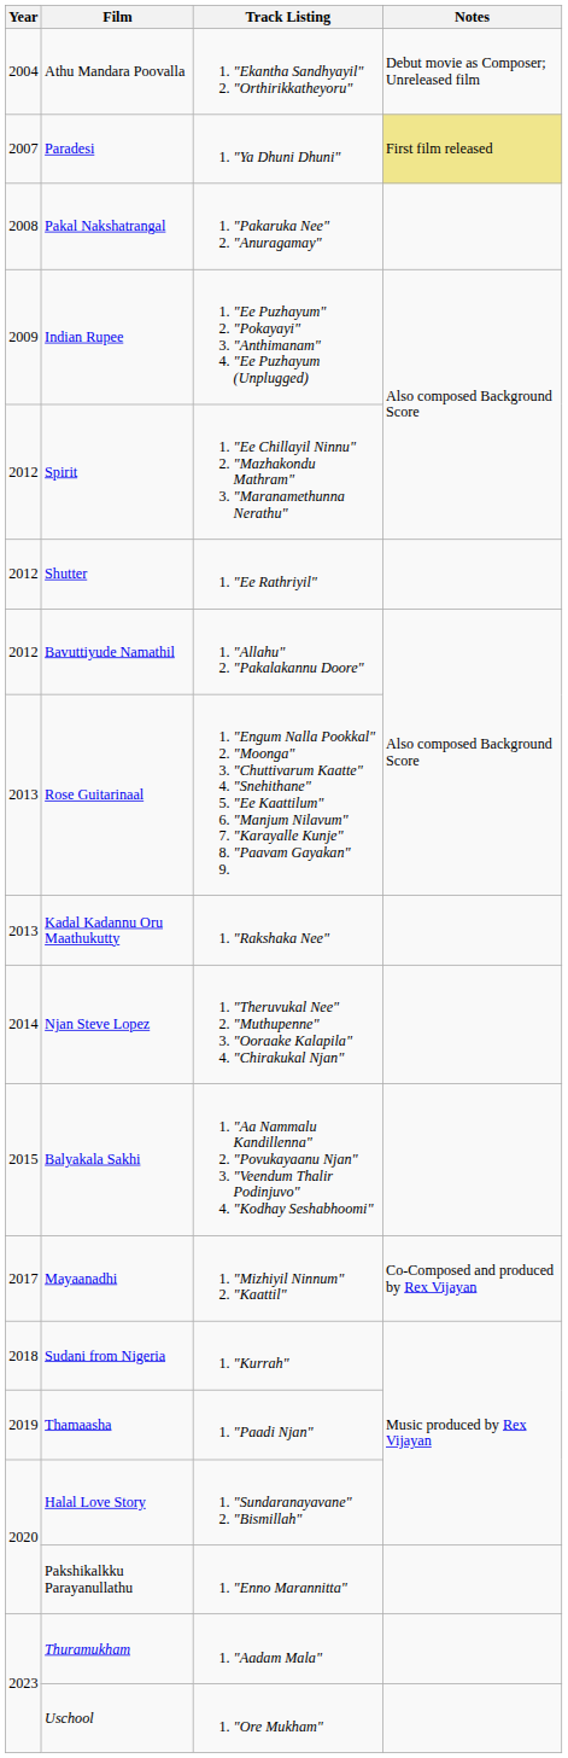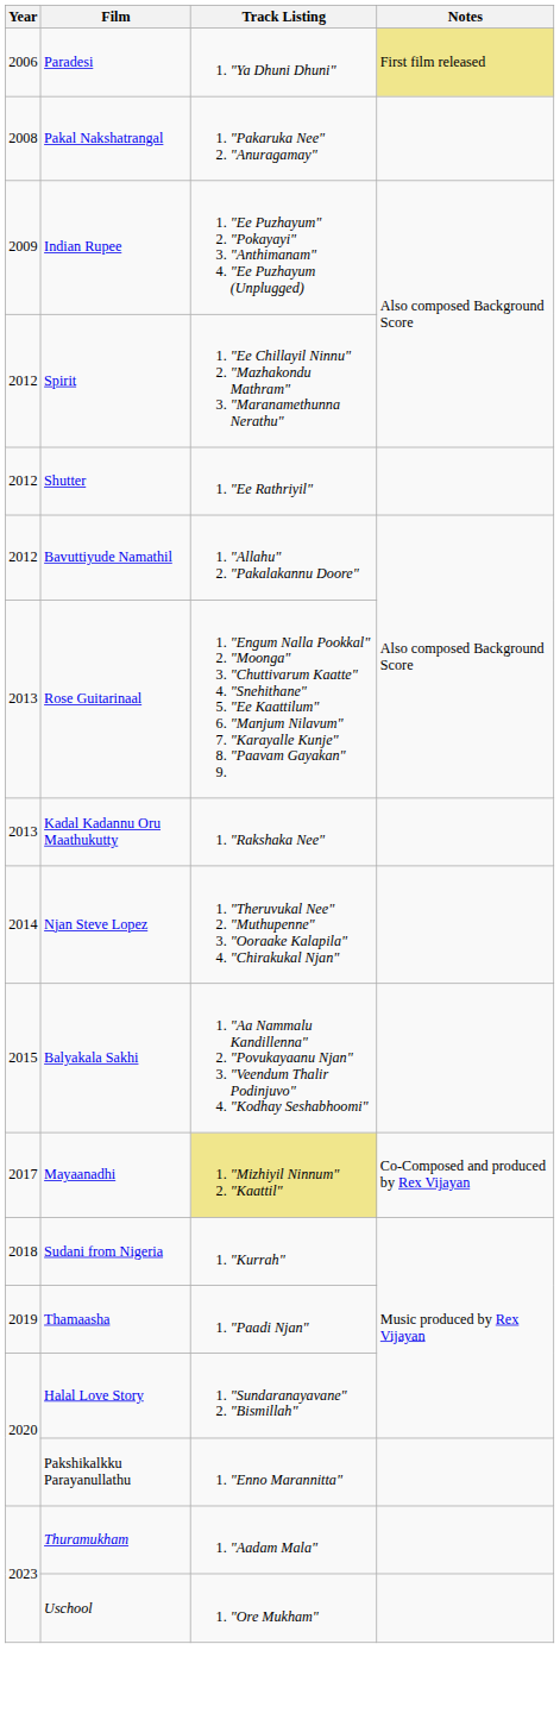 <table class="wikitable">
 <tr>
 <th>Year</th>
 <th>Film</th>
 <th>Track Listing</th>
 <th>Notes</th>
 </tr>
 <tr>
-<td>2004</td>
-<td>Athu Mandara Poovalla</td>
-<td><br><ol><li><em>"Ekantha Sandhyayil"</em></li><li><em>"Orthirikkatheyoru"</em></li></ol></td>
-<td>Debut movie as Composer;<br>Unreleased film</td>
-</tr>
-<tr>
-<td>2007</td>
+<td>2006</td>
 <td><a href='#'>Paradesi</a></td>
 <td><br><ol><li><em>"Ya Dhuni Dhuni"</em></li></ol></td>
 <td style="background: khaki;">First film released</td>
 </tr>
 <tr>
 <td>2008</td>
 <td><a href='#'>Pakal Nakshatrangal</a></td>
 <td><br><ol><li><em>"Pakaruka Nee"</em></li><li><em>"Anuragamay"</em></li></ol></td>
 <td></td>
 </tr>
 <tr>
 <td>2009</td>
 <td><a href='#'>Indian Rupee</a></td>
 <td><br><ol><li><em>"Ee Puzhayum"</em></li><li><em>"Pokayayi"</em></li><li><em>"Anthimanam"</em></li><li><em>"Ee Puzhayum (Unplugged)</em></li></ol></td>
 <td rowspan="2">Also composed Background Score</td>
 </tr>
 <tr>
 <td>2012</td>
 <td><a href='#'>Spirit</a></td>
 <td><br><ol><li><em>"Ee Chillayil Ninnu"</em></li><li><em>"Mazhakondu Mathram"</em></li><li><em>"Maranamethunna Nerathu"</em></li></ol></td>
 </tr>
 <tr>
 <td>2012</td>
 <td><a href='#'>Shutter</a></td>
 <td><br><ol><li><em>"Ee Rathriyil"</em></li></ol></td>
 <td></td>
 </tr>
 <tr>
 <td>2012</td>
 <td><a href='#'>Bavuttiyude Namathil</a></td>
 <td><br><ol><li><em>"Allahu"</em></li><li><em>"Pakalakannu Doore"</em></li></ol></td>
 <td rowspan="2">Also composed Background Score</td>
 </tr>
 <tr>
 <td>2013</td>
 <td><a href='#'>Rose Guitarinaal</a></td>
 <td><br><ol><li><em>"Engum Nalla Pookkal"</em></li><li><em>"Moonga"</em></li><li><em>"Chuttivarum Kaatte"</em></li><li><em>"Snehithane"</em></li><li><em>"Ee Kaattilum"</em></li><li><em>"Manjum Nilavum"</em></li><li><em>"Karayalle Kunje"</em></li><li><em>"Paavam Gayakan"</em></li><li></li></ol></td>
 </tr>
 <tr>
 <td>2013</td>
 <td><a href='#'>Kadal Kadannu Oru Maathukutty</a></td>
 <td><br><ol><li><em>"Rakshaka Nee"</em></li></ol></td>
 <td></td>
 </tr>
 <tr>
 <td>2014</td>
 <td><a href='#'>Njan Steve Lopez</a></td>
 <td><br><ol><li><em>"Theruvukal Nee"</em></li><li><em>"Muthupenne"</em></li><li><em>"Ooraake Kalapila"</em></li><li><em>"Chirakukal Njan"</em></li></ol></td>
 <td></td>
 </tr>
 <tr>
 <td>2015</td>
 <td><a href='#'>Balyakala Sakhi</a></td>
 <td><br><ol><li><em>"Aa Nammalu Kandillenna"</em></li><li><em>"Povukayaanu Njan"</em></li><li><em>"Veendum Thalir Podinjuvo"</em></li><li><em>"Kodhay Seshabhoomi"</em></li></ol></td>
 <td></td>
 </tr>
 <tr>
 <td>2017</td>
 <td><a href='#'>Mayaanadhi</a></td>
-<td><br><ol><li><em>"Mizhiyil Ninnum"</em></li><li><em>"Kaattil"</em></li></ol></td>
+<td style="background: khaki;"><br><ol><li><em>"Mizhiyil Ninnum"</em></li><li><em>"Kaattil"</em></li></ol></td>
 <td>Co-Composed and produced by <a href='#'>Rex Vijayan</a></td>
 </tr>
 <tr>
 <td>2018</td>
 <td><a href='#'>Sudani from Nigeria</a></td>
 <td><br><ol><li><em>"Kurrah"</em></li></ol></td>
 <td rowspan="3">Music produced by <a href='#'>Rex Vijayan</a></td>
 </tr>
 <tr>
 <td>2019</td>
 <td><a href='#'>Thamaasha</a></td>
 <td><br><ol><li><em>"Paadi Njan"</em></li></ol></td>
 </tr>
 <tr>
 <td rowspan="2">2020</td>
 <td><a href='#'>Halal Love Story</a></td>
 <td><br><ol><li><em>"Sundaranayavane"</em></li><li><em>"Bismillah"</em></li></ol></td>
 </tr>
 <tr>
 <td>Pakshikalkku Parayanullathu</td>
 <td><br><ol><li><em>"Enno Marannitta"</em></li></ol></td>
 <td></td>
 </tr>
 <tr>
 <td rowspan=2>2023</td>
 <td><em><a href='#'>Thuramukham</a></em></td>
 <td><br><ol><li><em>"Aadam Mala"</em></li></ol></td>
 <td></td>
 </tr>
 <tr>
 <td><em>Uschool</em></td>
 <td><br><ol><li><em>"Ore Mukham"</em></li></ol></td>
 <td></td>
 </tr>
 </table>
